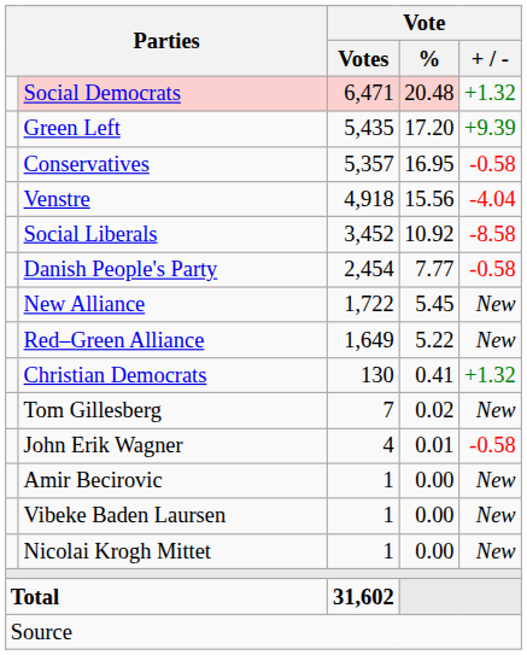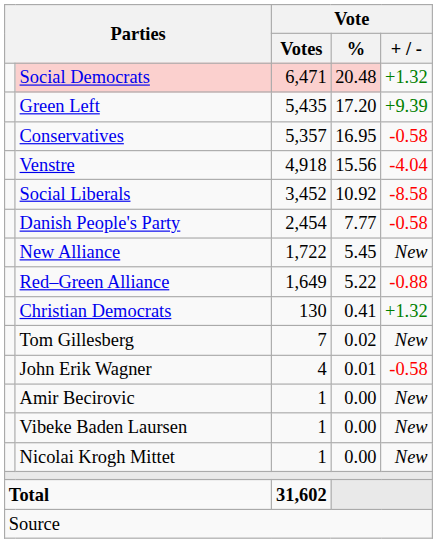 <table class="wikitable" style="text-align:right;">
 <tr>
 <th style="text-align:centre;" rowspan="2" colspan="2" width="225">Parties</th>
 <th colspan="3">Vote</th>
 </tr>
 <tr>
 <th width="15">Votes</th>
 <th width="15">%</th>
 <th width="15">+ / -</th>
 </tr>
 <tr>
 <td width="2" style="color:inherit;background:"></td>
 <td bgcolor=#fbd0ce  align="left"><a href='#'>Social Democrats</a></td>
 <td bgcolor=#fbd0ce>6,471</td>
 <td bgcolor=#fbd0ce>20.48</td>
 <td style=color:green;>+1.32</td>
 </tr>
 <tr>
 <td width="2" style="color:inherit;background:"></td>
 <td align="left"><a href='#'>Green Left</a></td>
 <td>5,435</td>
 <td>17.20</td>
 <td style=color:green;>+9.39</td>
 </tr>
 <tr>
 <td width="2" style="color:inherit;background:"></td>
 <td align="left"><a href='#'>Conservatives</a></td>
 <td>5,357</td>
 <td>16.95</td>
 <td style=color:red;>-0.58</td>
 </tr>
 <tr>
 <td width="2" style="color:inherit;background:"></td>
 <td align="left"><a href='#'>Venstre</a></td>
 <td>4,918</td>
 <td>15.56</td>
 <td style=color:red;>-4.04</td>
 </tr>
 <tr>
 <td width="2" style="color:inherit;background:"></td>
 <td align="left"><a href='#'>Social Liberals</a></td>
 <td>3,452</td>
 <td>10.92</td>
 <td style=color:red;>-8.58</td>
 </tr>
 <tr>
 <td width="2" style="color:inherit;background:"></td>
 <td align="left"><a href='#'>Danish People's Party</a></td>
 <td>2,454</td>
 <td>7.77</td>
 <td style=color:red;>-0.58</td>
 </tr>
 <tr>
 <td width="2" style="color:inherit;background:"></td>
 <td align="left"><a href='#'>New Alliance</a></td>
 <td>1,722</td>
 <td>5.45</td>
 <td><em>New</em></td>
 </tr>
 <tr>
 <td width="2" style="color:inherit;background:"></td>
 <td align="left"><a href='#'>Red–Green Alliance</a></td>
 <td>1,649</td>
 <td>5.22</td>
-<td><em>New</em></td>
+<td style=color:red;>-0.88</td>
 </tr>
 <tr>
 <td width="2" style="color:inherit;background:"></td>
 <td align="left"><a href='#'>Christian Democrats</a></td>
 <td>130</td>
 <td>0.41</td>
 <td style=color:green;>+1.32</td>
 </tr>
 <tr>
 <td width="2" style="color:inherit;background:"></td>
 <td align="left">Tom Gillesberg</td>
 <td>7</td>
 <td>0.02</td>
 <td><em>New</em></td>
 </tr>
 <tr>
 <td width="2" style="color:inherit;background:"></td>
 <td align="left">John Erik Wagner</td>
 <td>4</td>
 <td>0.01</td>
 <td style=color:red;>-0.58</td>
 </tr>
 <tr>
 <td width="2" style="color:inherit;background:"></td>
 <td align="left">Amir Becirovic</td>
 <td>1</td>
 <td>0.00</td>
 <td><em>New</em></td>
 </tr>
 <tr>
 <td width="2" style="color:inherit;background:"></td>
 <td align="left">Vibeke Baden Laursen</td>
 <td>1</td>
 <td>0.00</td>
 <td><em>New</em></td>
 </tr>
 <tr>
 <td width="2" style="color:inherit;background:"></td>
 <td align="left">Nicolai Krogh Mittet</td>
 <td>1</td>
 <td>0.00</td>
 <td><em>New</em></td>
 </tr>
 <tr>
 <td colspan="7" bgcolor="#E9E9E9"></td>
 </tr>
 <tr>
 <td align="left" colspan="2"><strong>Total</strong></td>
 <td><strong>31,602</strong></td>
 <td bgcolor="#E9E9E9" colspan="2"></td>
 </tr>
 <tr>
 <td align="left" colspan="6">Source</td>
 </tr>
 </table>
